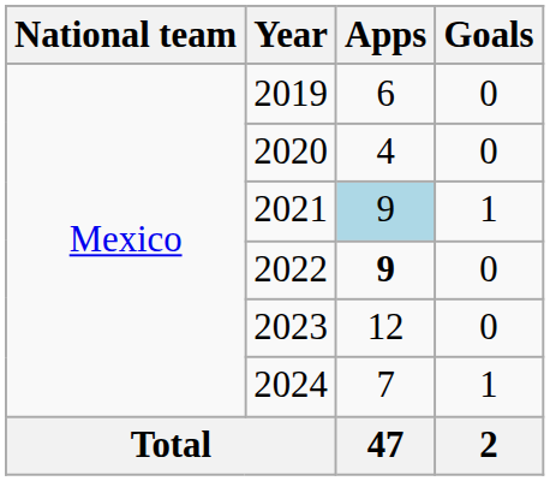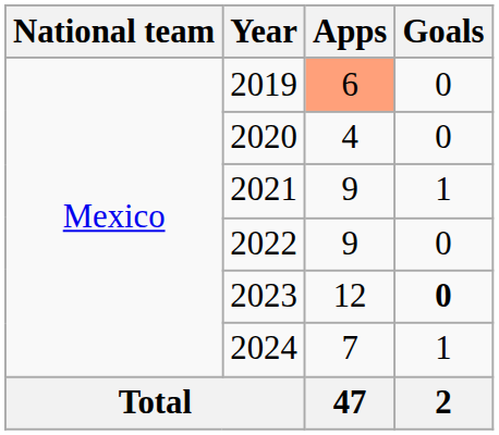 <table class="wikitable" style="text-align:center">
 <tr>
 <th>National team</th>
 <th>Year</th>
 <th>Apps</th>
 <th>Goals</th>
 </tr>
 <tr>
 <td rowspan="6"><a href='#'>Mexico</a></td>
 <td>2019</td>
-<td>6</td>
+<td style="background: lightsalmon;">6</td>
 <td>0</td>
 </tr>
 <tr>
 <td>2020</td>
 <td>4</td>
 <td>0</td>
 </tr>
 <tr>
 <td>2021</td>
-<td style="background: lightblue;">9</td>
+<td>9</td>
 <td>1</td>
 </tr>
 <tr>
 <td>2022</td>
-<td><strong>9</strong></td>
+<td>9</td>
 <td>0</td>
 </tr>
 <tr>
 <td>2023</td>
 <td>12</td>
-<td>0</td>
+<td><strong>0</strong></td>
 </tr>
 <tr>
 <td>2024</td>
 <td>7</td>
 <td>1</td>
 </tr>
 <tr>
 <th colspan="2">Total</th>
 <th>47</th>
 <th>2</th>
 </tr>
 </table>
